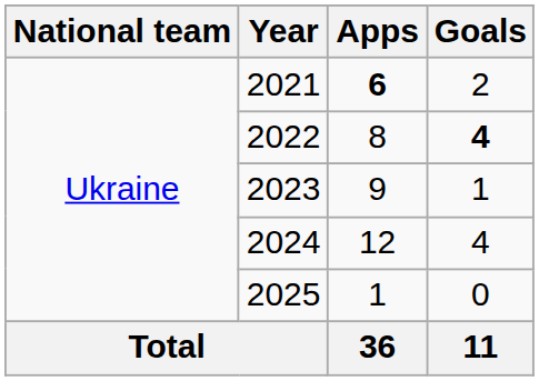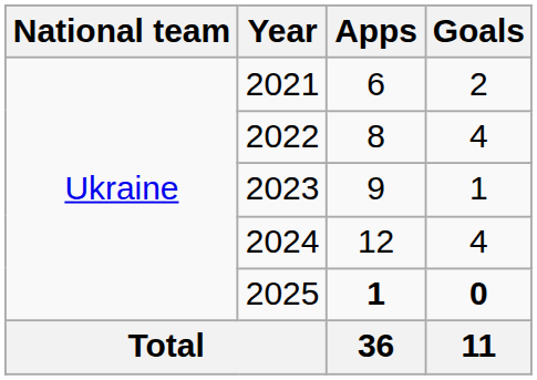 <table class=wikitable style=text-align:center>
 <tr>
 <th>National team</th>
 <th>Year</th>
 <th>Apps</th>
 <th>Goals</th>
 </tr>
 <tr>
 <td rowspan=5><a href='#'>Ukraine</a></td>
 <td>2021</td>
-<td><strong>6</strong></td>
+<td>6</td>
 <td>2</td>
 </tr>
 <tr>
 <td>2022</td>
 <td>8</td>
-<td><strong>4</strong></td>
+<td>4</td>
 </tr>
 <tr>
 <td>2023</td>
 <td>9</td>
 <td>1</td>
 </tr>
 <tr>
 <td>2024</td>
 <td>12</td>
 <td>4</td>
 </tr>
 <tr>
 <td>2025</td>
-<td>1</td>
-<td>0</td>
+<td><strong>1</strong></td>
+<td><strong>0</strong></td>
 </tr>
 <tr>
 <th colspan=2>Total</th>
 <th>36</th>
 <th>11</th>
 </tr>
 </table>
